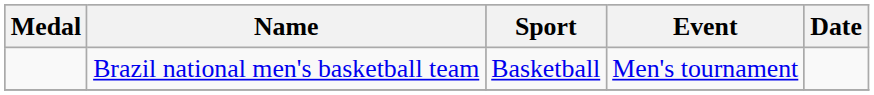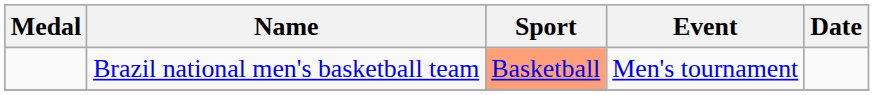 <table class="wikitable sortable"  style="font-size:95%">
 <tr>
 <th>Medal</th>
 <th>Name</th>
 <th>Sport</th>
 <th>Event</th>
 <th>Date</th>
 </tr>
 <tr>
 <td></td>
 <td><a href='#'>Brazil national men's basketball team</a><br></td>
-<td><a href='#'>Basketball</a></td>
+<td style="background: lightsalmon;"><a href='#'>Basketball</a></td>
 <td><a href='#'>Men's tournament</a></td>
 <td></td>
 </tr>
 <tr>
 </tr>
 </table>
